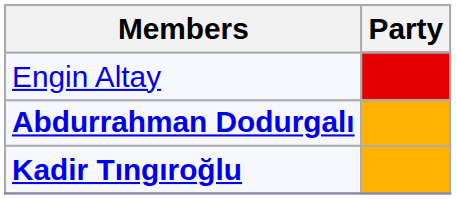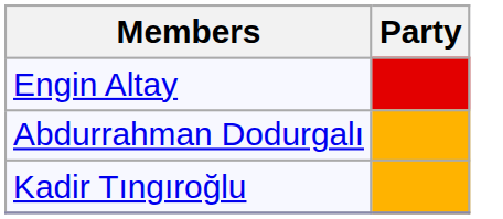 <table class=wikitable style="border:1px solid #8888aa; background-color:#f7f8ff; padding:0px; font-size:90%;">
 <tr>
 <th>Members</th>
 <th colspan="2">Party</th>
 </tr>
 <tr>
 <td><a href='#'>Engin Altay</a></td>
 <td style="background: #e30000"></td>
 </tr>
 <tr>
-<td><strong><a href='#'>Abdurrahman Dodurgalı</a></strong></td>
+<td><a href='#'>Abdurrahman Dodurgalı</a></td>
 <td style="background: #ffb300"></td>
 </tr>
 <tr>
-<td><strong><a href='#'>Kadir Tıngıroğlu</a></strong></td>
+<td><a href='#'>Kadir Tıngıroğlu</a></td>
 <td style="background: #ffb300"></td>
 </tr>
 <tr>
 </tr>
 </table>
